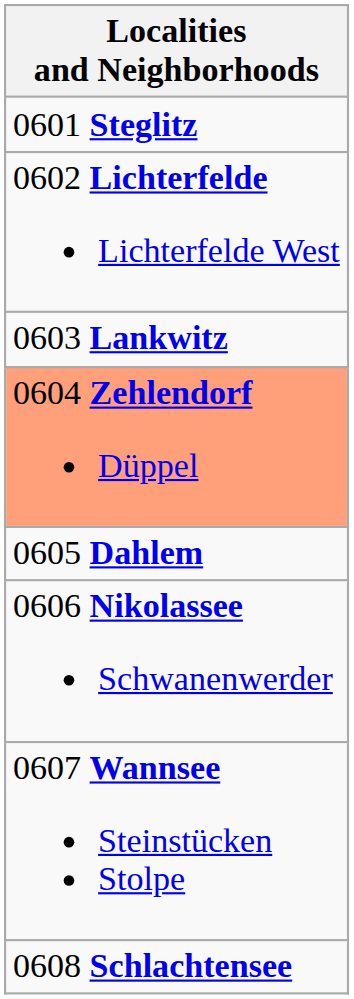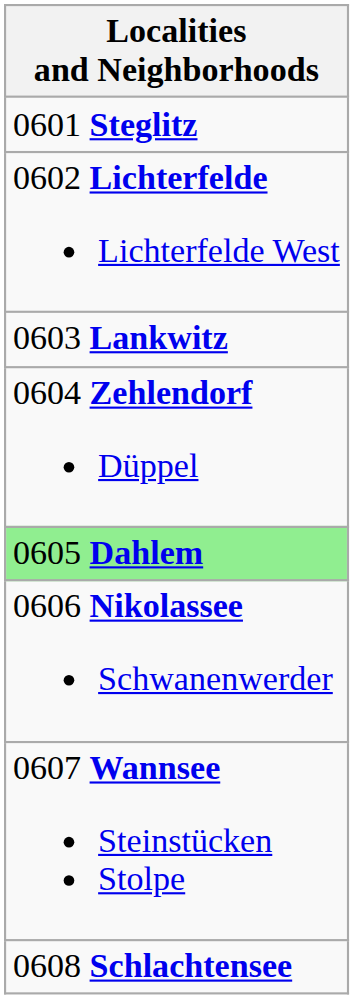 <table class="wikitable zebra sortable toptextcells" style="text-align:right;">
 <tr class="hintergrundfarbe5">
 <th>Localities<br>and Neighborhoods</th>
 </tr>
 <tr>
 <td align="left">0601 <strong><a href='#'>Steglitz</a></strong></td>
 </tr>
 <tr>
 <td align="left">0602 <strong><a href='#'>Lichterfelde</a></strong><br><ul><li><a href='#'>Lichterfelde West</a></li></ul></td>
 </tr>
 <tr>
 <td align="left">0603 <strong><a href='#'>Lankwitz</a></strong></td>
 </tr>
 <tr>
-<td align="left" style="background: lightsalmon;">0604 <strong><a href='#'>Zehlendorf</a></strong><br><ul><li><a href='#'>Düppel</a></li></ul></td>
+<td align="left">0604 <strong><a href='#'>Zehlendorf</a></strong><br><ul><li><a href='#'>Düppel</a></li></ul></td>
 </tr>
 <tr>
-<td align="left">0605 <strong><a href='#'>Dahlem</a></strong></td>
+<td align="left" style="background: lightgreen;">0605 <strong><a href='#'>Dahlem</a></strong></td>
 </tr>
 <tr>
 <td align="left">0606 <strong><a href='#'>Nikolassee</a></strong><br><ul><li><a href='#'>Schwanenwerder</a></li></ul></td>
 </tr>
 <tr>
 <td align="left">0607 <strong><a href='#'>Wannsee</a></strong><br><ul><li><a href='#'>Steinstücken</a></li><li><a href='#'>Stolpe</a></li></ul></td>
 </tr>
 <tr>
 <td align="left">0608 <strong><a href='#'>Schlachtensee</a></strong></td>
 </tr>
 </table>
